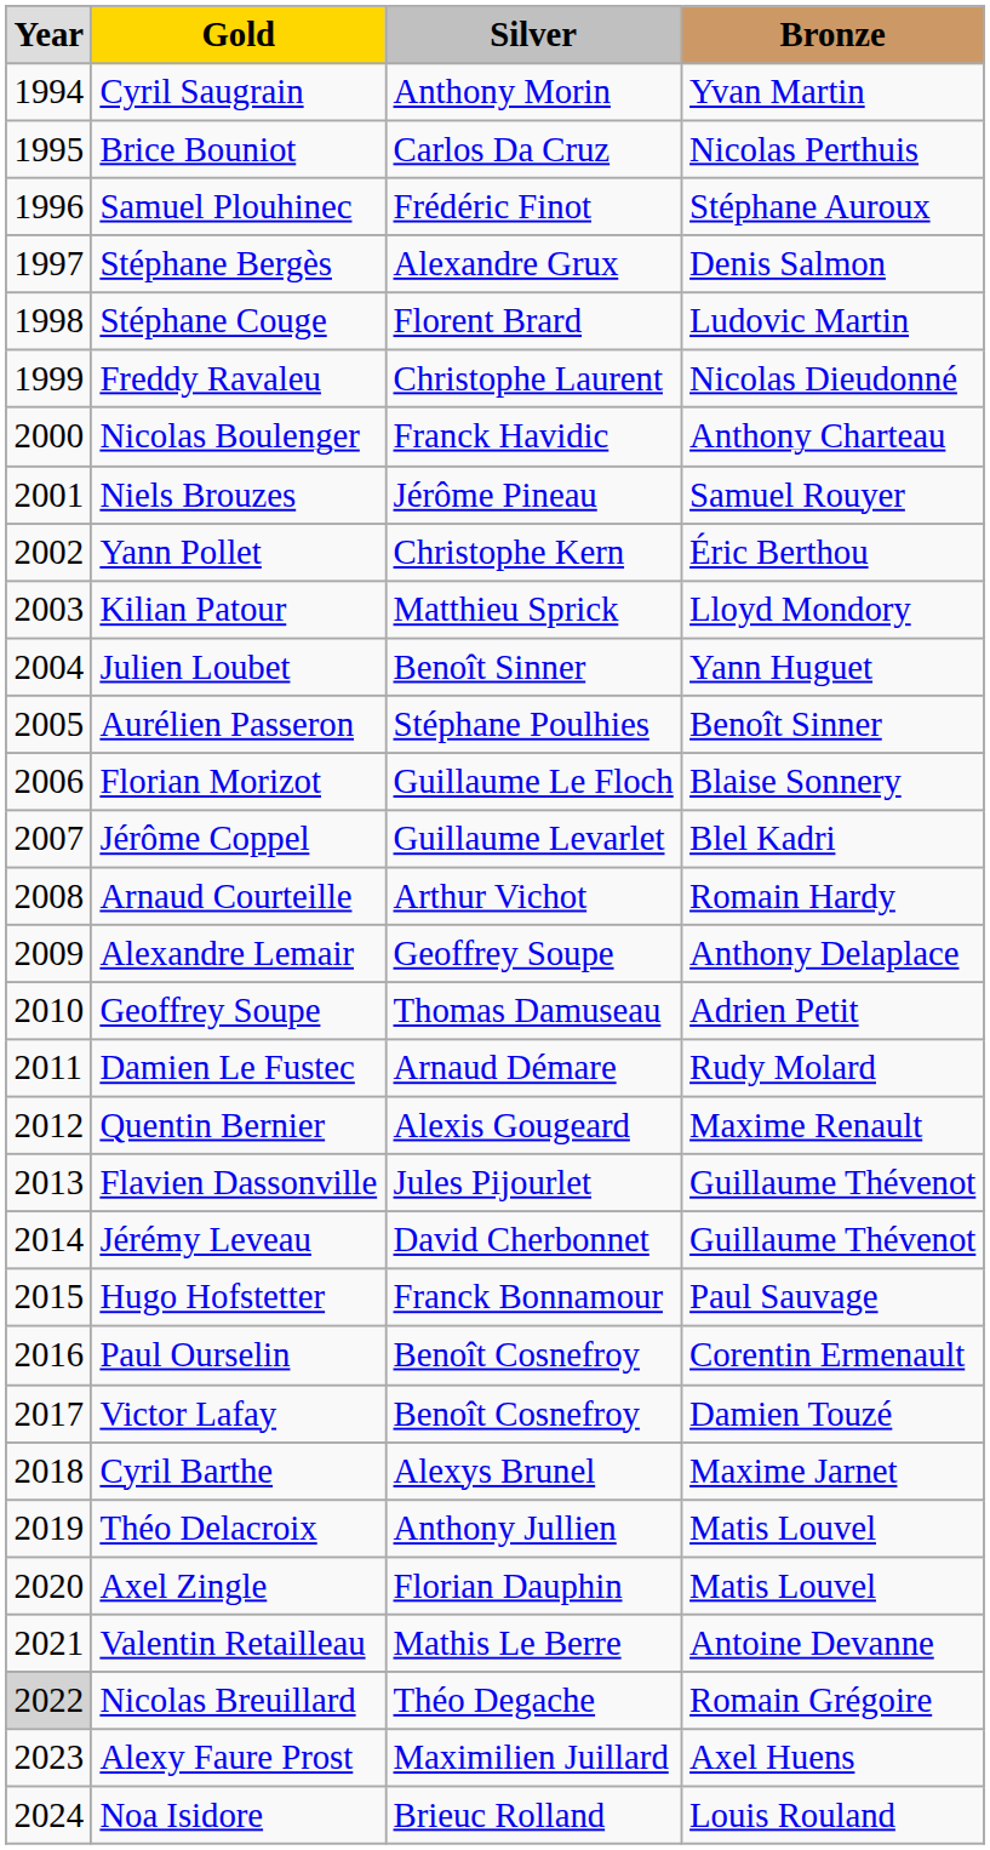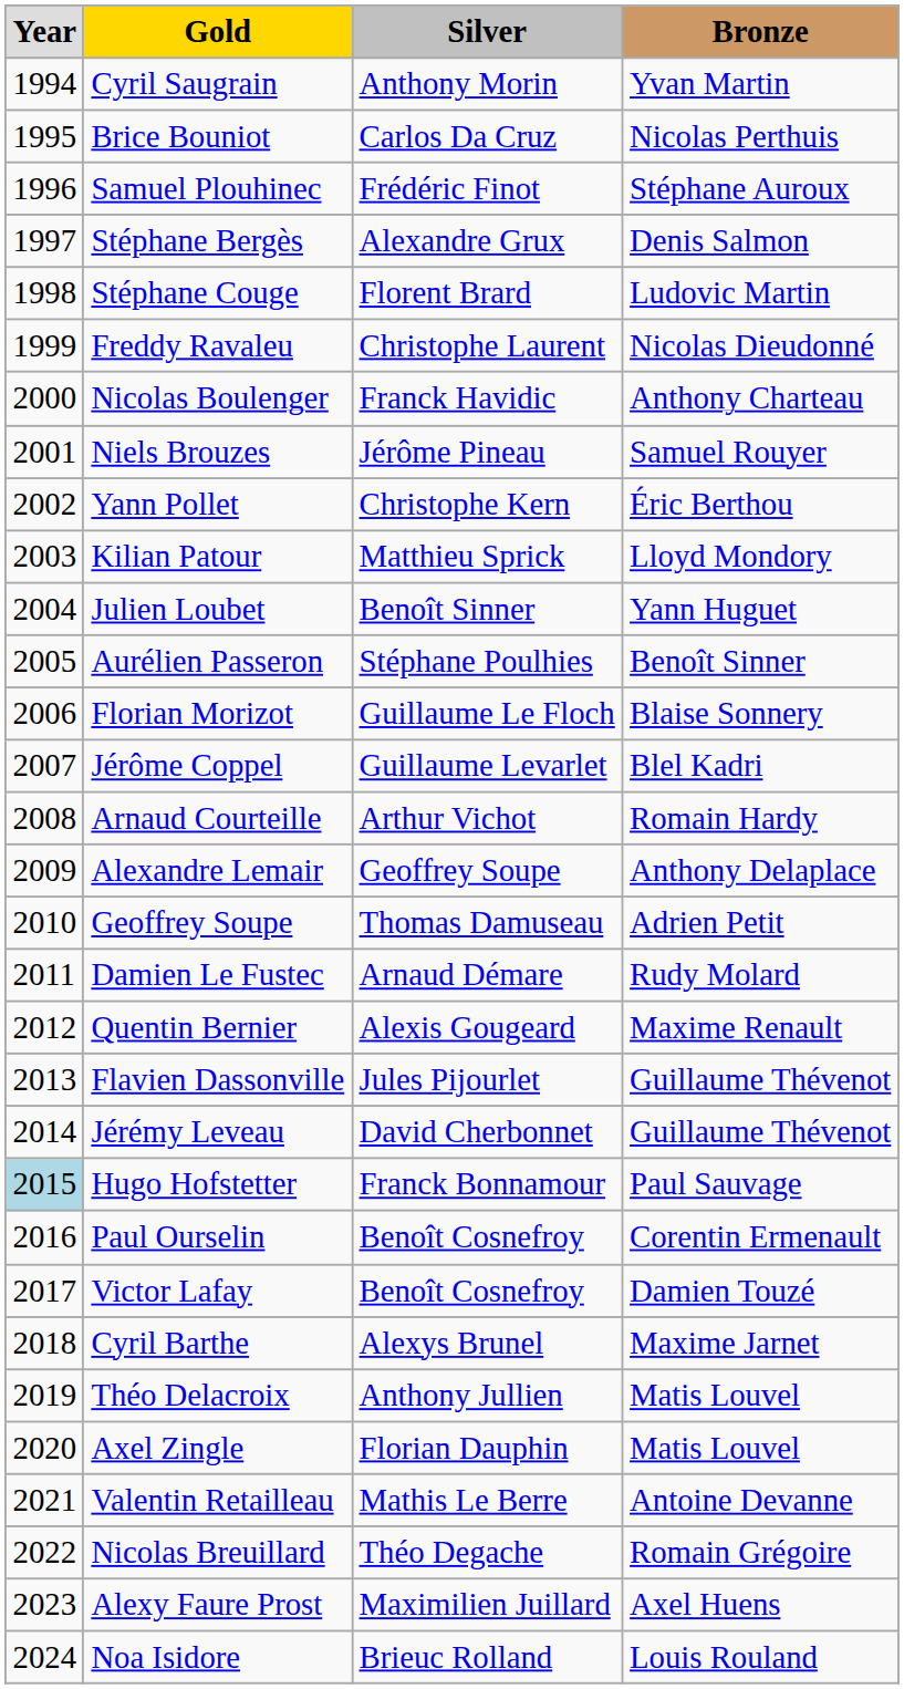 <table class="wikitable sortable" style="font-size:95%">
 <tr style="text-align:center; background:#e4e4e4; font-weight:bold;">
 <td style="background:#ddd; ">Year</td>
 <td style="background:gold; ">Gold</td>
 <td style="background:silver; ">Silver</td>
 <td style="background:#c96; ">Bronze</td>
 </tr>
 <tr>
 <td>1994</td>
 <td><a href='#'>Cyril Saugrain</a></td>
 <td><a href='#'>Anthony Morin</a></td>
 <td><a href='#'>Yvan Martin</a></td>
 </tr>
 <tr>
 <td>1995</td>
 <td><a href='#'>Brice Bouniot</a></td>
 <td><a href='#'>Carlos Da Cruz</a></td>
 <td><a href='#'>Nicolas Perthuis</a></td>
 </tr>
 <tr>
 <td>1996</td>
 <td><a href='#'>Samuel Plouhinec</a></td>
 <td><a href='#'>Frédéric Finot</a></td>
 <td><a href='#'>Stéphane Auroux</a></td>
 </tr>
 <tr>
 <td>1997</td>
 <td><a href='#'>Stéphane Bergès</a></td>
 <td><a href='#'>Alexandre Grux</a></td>
 <td><a href='#'>Denis Salmon</a></td>
 </tr>
 <tr>
 <td>1998</td>
 <td><a href='#'>Stéphane Couge</a></td>
 <td><a href='#'>Florent Brard</a></td>
 <td><a href='#'>Ludovic Martin</a></td>
 </tr>
 <tr>
 <td>1999</td>
 <td><a href='#'>Freddy Ravaleu</a></td>
 <td><a href='#'>Christophe Laurent</a></td>
 <td><a href='#'>Nicolas Dieudonné</a></td>
 </tr>
 <tr>
 <td>2000</td>
 <td><a href='#'>Nicolas Boulenger</a></td>
 <td><a href='#'>Franck Havidic</a></td>
 <td><a href='#'>Anthony Charteau</a></td>
 </tr>
 <tr>
 <td>2001</td>
 <td><a href='#'>Niels Brouzes</a></td>
 <td><a href='#'>Jérôme Pineau</a></td>
 <td><a href='#'>Samuel Rouyer</a></td>
 </tr>
 <tr>
 <td>2002</td>
 <td><a href='#'>Yann Pollet</a></td>
 <td><a href='#'>Christophe Kern</a></td>
 <td><a href='#'>Éric Berthou</a></td>
 </tr>
 <tr>
 <td>2003</td>
 <td><a href='#'>Kilian Patour</a></td>
 <td><a href='#'>Matthieu Sprick</a></td>
 <td><a href='#'>Lloyd Mondory</a></td>
 </tr>
 <tr>
 <td>2004</td>
 <td><a href='#'>Julien Loubet</a></td>
 <td><a href='#'>Benoît Sinner</a></td>
 <td><a href='#'>Yann Huguet</a></td>
 </tr>
 <tr>
 <td>2005</td>
 <td><a href='#'>Aurélien Passeron</a></td>
 <td><a href='#'>Stéphane Poulhies</a></td>
 <td><a href='#'>Benoît Sinner</a></td>
 </tr>
 <tr>
 <td>2006</td>
 <td><a href='#'>Florian Morizot</a></td>
 <td><a href='#'>Guillaume Le Floch</a></td>
 <td><a href='#'>Blaise Sonnery</a></td>
 </tr>
 <tr>
 <td>2007</td>
 <td><a href='#'>Jérôme Coppel</a></td>
 <td><a href='#'>Guillaume Levarlet</a></td>
 <td><a href='#'>Blel Kadri</a></td>
 </tr>
 <tr>
 <td>2008</td>
 <td><a href='#'>Arnaud Courteille</a></td>
 <td><a href='#'>Arthur Vichot</a></td>
 <td><a href='#'>Romain Hardy</a></td>
 </tr>
 <tr>
 <td>2009</td>
 <td><a href='#'>Alexandre Lemair</a></td>
 <td><a href='#'>Geoffrey Soupe</a></td>
 <td><a href='#'>Anthony Delaplace</a></td>
 </tr>
 <tr>
 <td>2010</td>
 <td><a href='#'>Geoffrey Soupe</a></td>
 <td><a href='#'>Thomas Damuseau</a></td>
 <td><a href='#'>Adrien Petit</a></td>
 </tr>
 <tr>
 <td>2011</td>
 <td><a href='#'>Damien Le Fustec</a></td>
 <td><a href='#'>Arnaud Démare</a></td>
 <td><a href='#'>Rudy Molard</a></td>
 </tr>
 <tr>
 <td>2012</td>
 <td><a href='#'>Quentin Bernier</a></td>
 <td><a href='#'>Alexis Gougeard</a></td>
 <td><a href='#'>Maxime Renault</a></td>
 </tr>
 <tr>
 <td>2013</td>
 <td><a href='#'>Flavien Dassonville</a></td>
 <td><a href='#'>Jules Pijourlet</a></td>
 <td><a href='#'>Guillaume Thévenot</a></td>
 </tr>
 <tr>
 <td>2014</td>
 <td><a href='#'>Jérémy Leveau</a></td>
 <td><a href='#'>David Cherbonnet</a></td>
 <td><a href='#'>Guillaume Thévenot</a></td>
 </tr>
 <tr>
-<td>2015</td>
+<td style="background: lightblue;">2015</td>
 <td><a href='#'>Hugo Hofstetter</a></td>
 <td><a href='#'>Franck Bonnamour</a></td>
 <td><a href='#'>Paul Sauvage</a></td>
 </tr>
 <tr>
 <td>2016</td>
 <td><a href='#'>Paul Ourselin</a></td>
 <td><a href='#'>Benoît Cosnefroy</a></td>
 <td><a href='#'>Corentin Ermenault</a></td>
 </tr>
 <tr>
 <td>2017</td>
 <td><a href='#'>Victor Lafay</a></td>
 <td><a href='#'>Benoît Cosnefroy</a></td>
 <td><a href='#'>Damien Touzé</a></td>
 </tr>
 <tr>
 <td>2018</td>
 <td><a href='#'>Cyril Barthe</a></td>
 <td><a href='#'>Alexys Brunel</a></td>
 <td><a href='#'>Maxime Jarnet</a></td>
 </tr>
 <tr>
 <td>2019</td>
 <td><a href='#'>Théo Delacroix</a></td>
 <td><a href='#'>Anthony Jullien</a></td>
 <td><a href='#'>Matis Louvel</a></td>
 </tr>
 <tr>
 <td>2020</td>
 <td><a href='#'>Axel Zingle</a></td>
 <td><a href='#'>Florian Dauphin</a></td>
 <td><a href='#'>Matis Louvel</a></td>
 </tr>
 <tr>
 <td>2021</td>
 <td><a href='#'>Valentin Retailleau</a></td>
 <td><a href='#'>Mathis Le Berre</a></td>
 <td><a href='#'>Antoine Devanne</a></td>
 </tr>
 <tr>
-<td style="background: lightgrey;">2022</td>
+<td>2022</td>
 <td><a href='#'>Nicolas Breuillard</a></td>
 <td><a href='#'>Théo Degache</a></td>
 <td><a href='#'>Romain Grégoire</a></td>
 </tr>
 <tr>
 <td>2023</td>
 <td><a href='#'>Alexy Faure Prost</a></td>
 <td><a href='#'>Maximilien Juillard</a></td>
 <td><a href='#'>Axel Huens</a></td>
 </tr>
 <tr>
 <td>2024</td>
 <td><a href='#'>Noa Isidore</a></td>
 <td><a href='#'>Brieuc Rolland</a></td>
 <td><a href='#'>Louis Rouland</a></td>
 </tr>
 </table>
